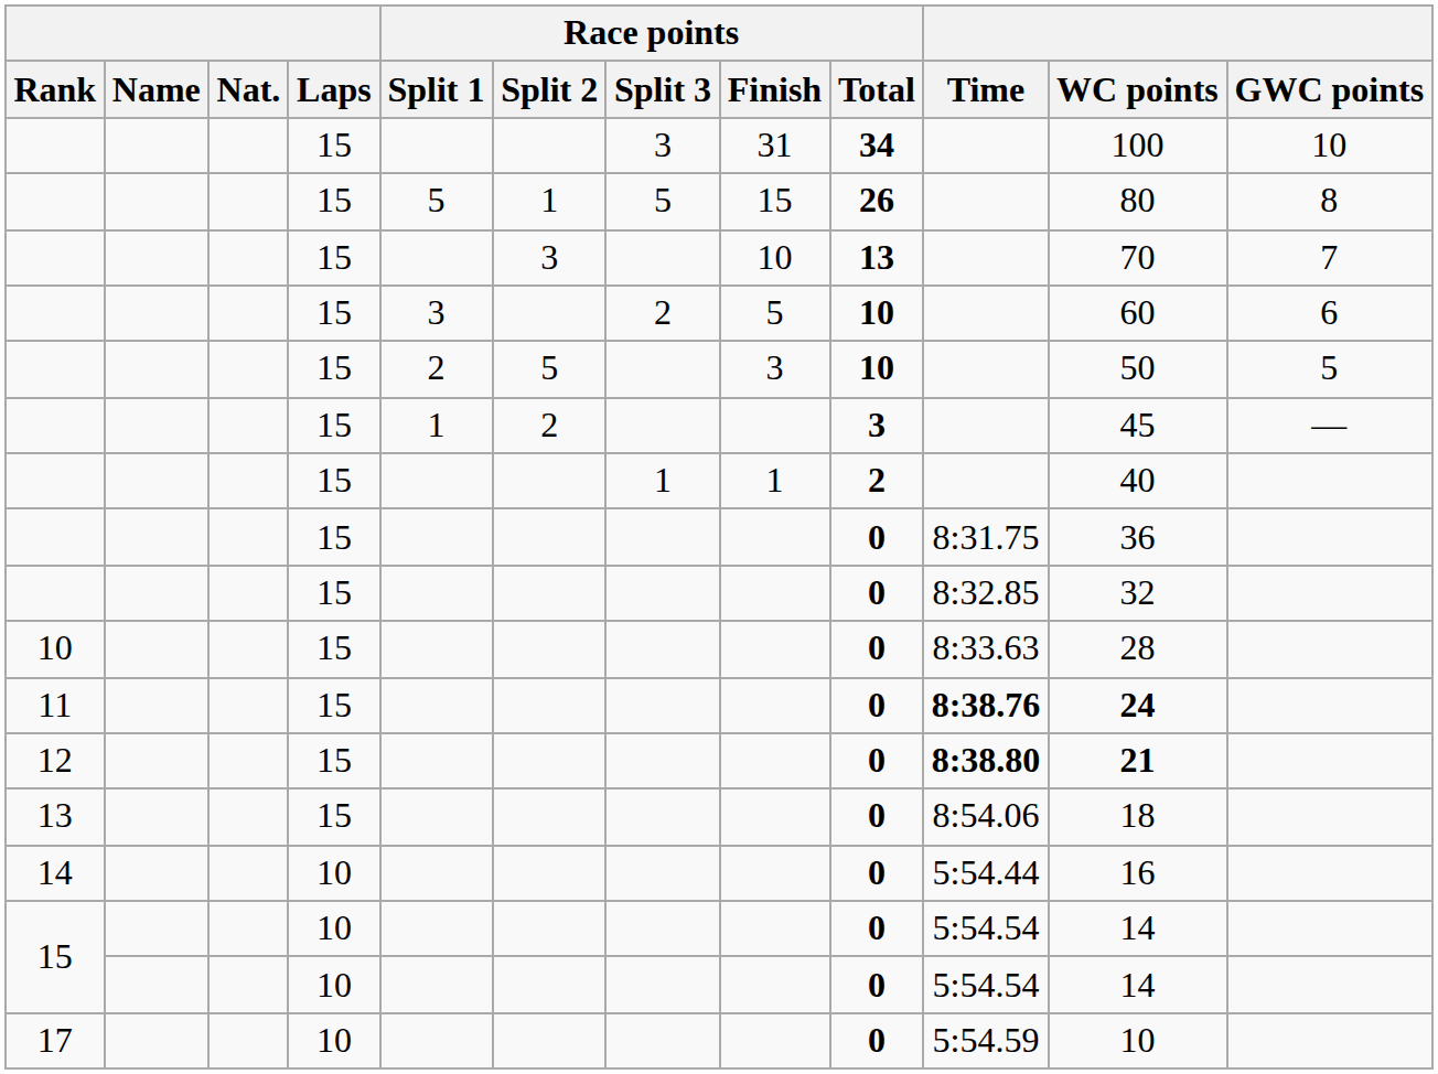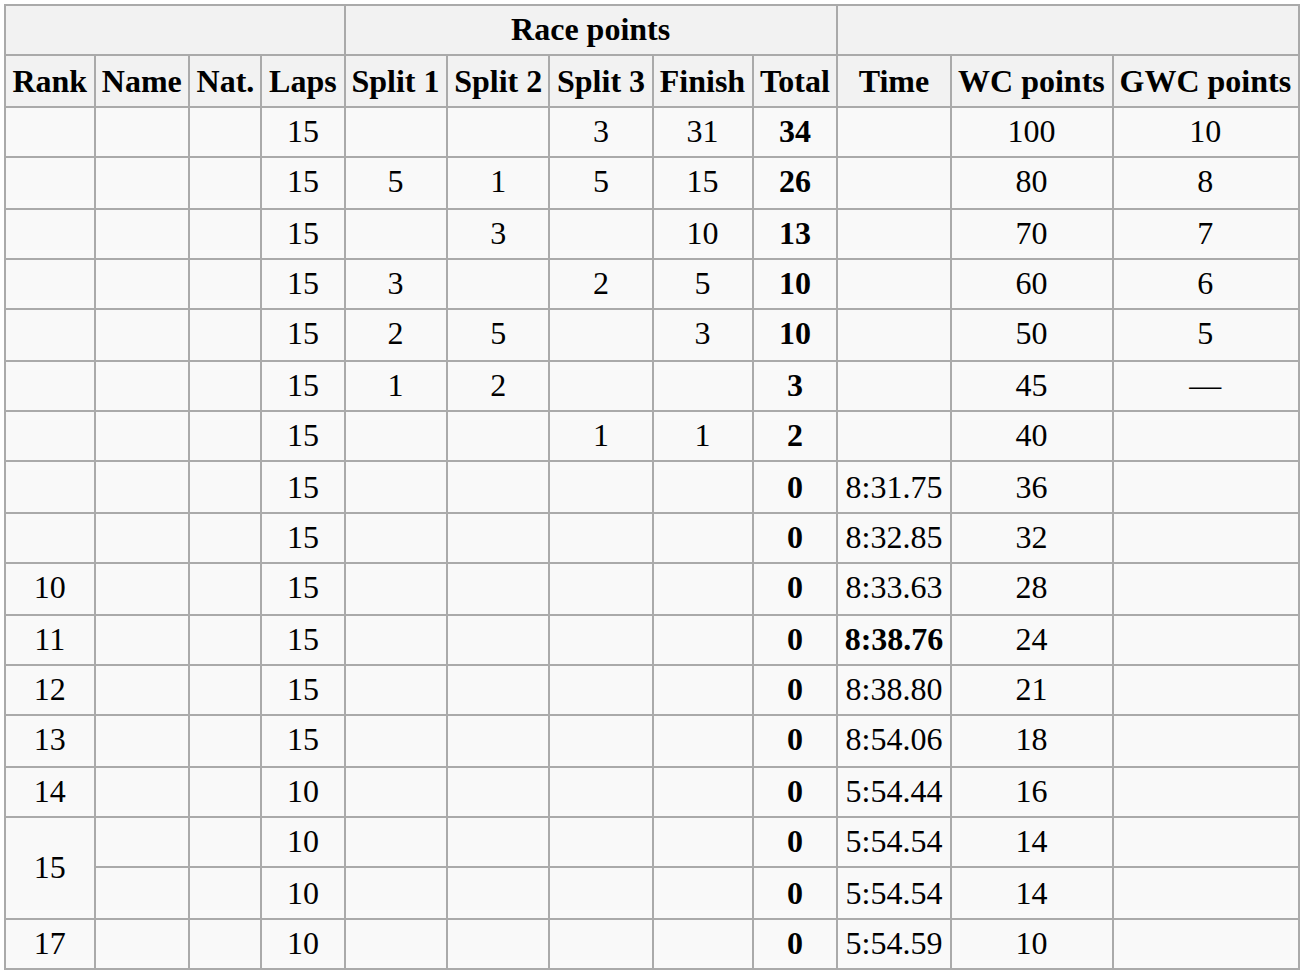 <table class="wikitable sortable" style="text-align:center">
 <tr>
 <th colspan=4></th>
 <th colspan=5>Race points</th>
 <th colspan=3></th>
 </tr>
 <tr>
 <th>Rank</th>
 <th>Name</th>
 <th>Nat.</th>
 <th>Laps</th>
 <th>Split 1</th>
 <th>Split 2</th>
 <th>Split 3</th>
 <th>Finish</th>
 <th>Total</th>
 <th>Time</th>
 <th>WC points</th>
 <th>GWC points</th>
 </tr>
 <tr>
 <td></td>
 <td align=left></td>
 <td></td>
 <td>15</td>
 <td></td>
 <td></td>
 <td>3</td>
 <td>31</td>
 <td><strong>34</strong></td>
 <td></td>
 <td>100</td>
 <td>10</td>
 </tr>
 <tr>
 <td></td>
 <td align=left></td>
 <td></td>
 <td>15</td>
 <td>5</td>
 <td>1</td>
 <td>5</td>
 <td>15</td>
 <td><strong>26</strong></td>
 <td></td>
 <td>80</td>
 <td>8</td>
 </tr>
 <tr>
 <td></td>
 <td align=left></td>
 <td></td>
 <td>15</td>
 <td></td>
 <td>3</td>
 <td></td>
 <td>10</td>
 <td><strong>13</strong></td>
 <td></td>
 <td>70</td>
 <td>7</td>
 </tr>
 <tr>
 <td></td>
 <td align=left></td>
 <td></td>
 <td>15</td>
 <td>3</td>
 <td></td>
 <td>2</td>
 <td>5</td>
 <td><strong>10</strong></td>
 <td></td>
 <td>60</td>
 <td>6</td>
 </tr>
 <tr>
 <td></td>
 <td align=left></td>
 <td></td>
 <td>15</td>
 <td>2</td>
 <td>5</td>
 <td></td>
 <td>3</td>
 <td><strong>10</strong></td>
 <td></td>
 <td>50</td>
 <td>5</td>
 </tr>
 <tr>
 <td></td>
 <td align=left></td>
 <td></td>
 <td>15</td>
 <td>1</td>
 <td>2</td>
 <td></td>
 <td></td>
 <td><strong>3</strong></td>
 <td></td>
 <td>45</td>
 <td>—</td>
 </tr>
 <tr>
 <td></td>
 <td align=left></td>
 <td></td>
 <td>15</td>
 <td></td>
 <td></td>
 <td>1</td>
 <td>1</td>
 <td><strong>2</strong></td>
 <td></td>
 <td>40</td>
 <td></td>
 </tr>
 <tr>
 <td></td>
 <td align=left></td>
 <td></td>
 <td>15</td>
 <td></td>
 <td></td>
 <td></td>
 <td></td>
 <td><strong>0</strong></td>
 <td>8:31.75</td>
 <td>36</td>
 <td></td>
 </tr>
 <tr>
 <td></td>
 <td align=left></td>
 <td></td>
 <td>15</td>
 <td></td>
 <td></td>
 <td></td>
 <td></td>
 <td><strong>0</strong></td>
 <td>8:32.85</td>
 <td>32</td>
 <td></td>
 </tr>
 <tr>
 <td>10</td>
 <td align=left></td>
 <td></td>
 <td>15</td>
 <td></td>
 <td></td>
 <td></td>
 <td></td>
 <td><strong>0</strong></td>
 <td>8:33.63</td>
 <td>28</td>
 <td></td>
 </tr>
 <tr>
 <td>11</td>
 <td align=left></td>
 <td></td>
 <td>15</td>
 <td></td>
 <td></td>
 <td></td>
 <td></td>
 <td><strong>0</strong></td>
 <td><strong>8:38.76</strong></td>
-<td><strong>24</strong></td>
+<td>24</td>
 <td></td>
 </tr>
 <tr>
 <td>12</td>
 <td align=left></td>
 <td></td>
 <td>15</td>
 <td></td>
 <td></td>
 <td></td>
 <td></td>
 <td><strong>0</strong></td>
-<td><strong>8:38.80</strong></td>
-<td><strong>21</strong></td>
+<td>8:38.80</td>
+<td>21</td>
 <td></td>
 </tr>
 <tr>
 <td>13</td>
 <td align=left></td>
 <td></td>
 <td>15</td>
 <td></td>
 <td></td>
 <td></td>
 <td></td>
 <td><strong>0</strong></td>
 <td>8:54.06</td>
 <td>18</td>
 <td></td>
 </tr>
 <tr>
 <td>14</td>
 <td align=left></td>
 <td></td>
 <td>10</td>
 <td></td>
 <td></td>
 <td></td>
 <td></td>
 <td><strong>0</strong></td>
 <td>5:54.44</td>
 <td>16</td>
 <td></td>
 </tr>
 <tr>
 <td rowspan=2>15</td>
 <td align=left></td>
 <td></td>
 <td>10</td>
 <td></td>
 <td></td>
 <td></td>
 <td></td>
 <td><strong>0</strong></td>
 <td>5:54.54</td>
 <td>14</td>
 <td></td>
 </tr>
 <tr>
 <td align=left></td>
 <td></td>
 <td>10</td>
 <td></td>
 <td></td>
 <td></td>
 <td></td>
 <td><strong>0</strong></td>
 <td>5:54.54</td>
 <td>14</td>
 <td></td>
 </tr>
 <tr>
 <td>17</td>
 <td align=left></td>
 <td></td>
 <td>10</td>
 <td></td>
 <td></td>
 <td></td>
 <td></td>
 <td><strong>0</strong></td>
 <td>5:54.59</td>
 <td>10</td>
 <td></td>
 </tr>
 </table>
